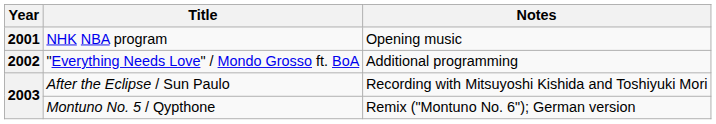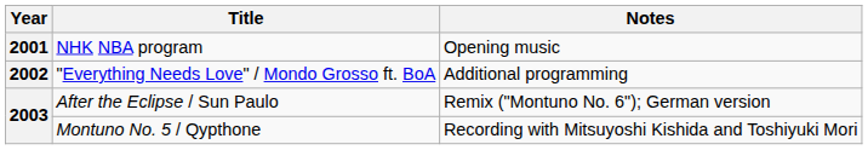 <table class="wikitable sortable">
 <tr>
 <th>Year</th>
 <th>Title</th>
 <th class="unsortable">Notes</th>
 </tr>
 <tr>
 <th rowspan="1">2001</th>
 <td><a href='#'>NHK</a> <a href='#'>NBA</a> program</td>
 <td>Opening music</td>
 </tr>
 <tr>
 <th rowspan="1">2002</th>
 <td>"<a href='#'>Everything Needs Love</a>" / <a href='#'>Mondo Grosso</a> ft. <a href='#'>BoA</a></td>
 <td>Additional programming</td>
 </tr>
 <tr>
 <th rowspan="2">2003</th>
 <td><em>After the Eclipse</em> / Sun Paulo</td>
-<td>Recording with Mitsuyoshi Kishida and Toshiyuki Mori</td>
+<td>Remix ("Montuno No. 6"); German version</td>
 </tr>
 <tr>
 <td><em>Montuno No. 5</em> / Qypthone</td>
-<td>Remix ("Montuno No. 6"); German version</td>
+<td>Recording with Mitsuyoshi Kishida and Toshiyuki Mori</td>
 </tr>
 </table>
